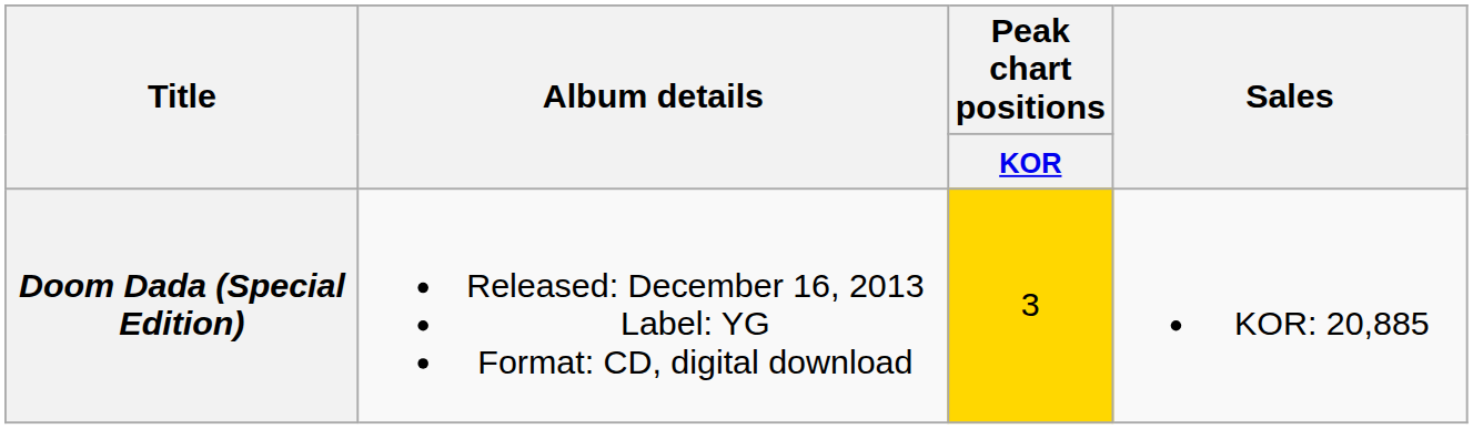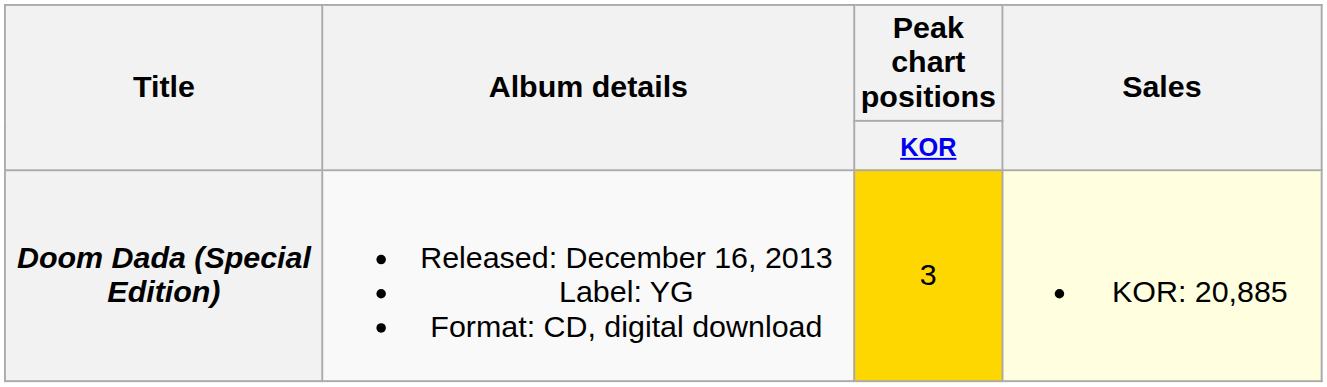 <table class="wikitable plainrowheaders" style="text-align:center;">
 <tr>
 <th rowspan="2" style="width:10em;">Title</th>
 <th rowspan="2" style="width:17em;">Album details</th>
 <th>Peak chart positions</th>
 <th rowspan="2" style="width:10em;">Sales</th>
 </tr>
 <tr>
 <th width=30><small><a href='#'>KOR</a></small><br></th>
 </tr>
 <tr>
 <th scope=row><em>Doom Dada (Special Edition)</em></th>
 <td><br><ul><li>Released: December 16, 2013</li><li>Label: YG</li><li>Format: CD, digital download</li></ul></td>
 <td style="background: gold;">3</td>
-<td><br><ul><li>KOR: 20,885</li></ul></td>
+<td style="background: lightyellow;"><br><ul><li>KOR: 20,885</li></ul></td>
 </tr>
 </table>
